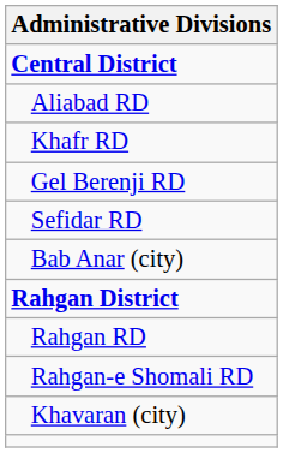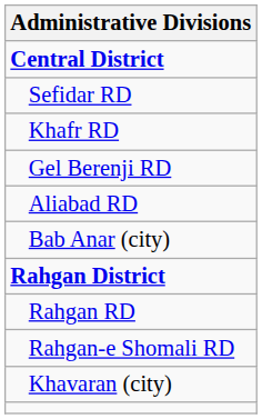 <table class="wikitable">
 <tr>
 <th>Administrative Divisions</th>
 </tr>
 <tr>
 <td><strong><a href='#'>Central District</a></strong></td>
 </tr>
 <tr>
-<td style="padding-left: 1em;"><a href='#'>Aliabad RD</a></td>
+<td style="padding-left: 1em;"><a href='#'>Sefidar RD</a></td>
 </tr>
 <tr>
 <td style="padding-left: 1em;"><a href='#'>Khafr RD</a></td>
 </tr>
 <tr>
 <td style="padding-left: 1em;"><a href='#'>Gel Berenji RD</a></td>
 </tr>
 <tr>
-<td style="padding-left: 1em;"><a href='#'>Sefidar RD</a></td>
+<td style="padding-left: 1em;"><a href='#'>Aliabad RD</a></td>
 </tr>
 <tr>
 <td style="padding-left: 1em;"><a href='#'>Bab Anar</a> (city)</td>
 </tr>
 <tr>
 <td><strong><a href='#'>Rahgan District</a></strong></td>
 </tr>
 <tr>
 <td style="padding-left: 1em;"><a href='#'>Rahgan RD</a></td>
 </tr>
 <tr>
 <td style="padding-left: 1em;"><a href='#'>Rahgan-e Shomali RD</a></td>
 </tr>
 <tr>
 <td style="padding-left: 1em;"><a href='#'>Khavaran</a> (city)</td>
 </tr>
 <tr>
 <td colspan=1></td>
 </tr>
 </table>
